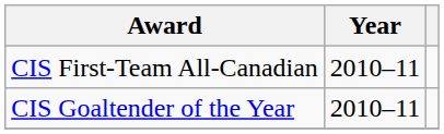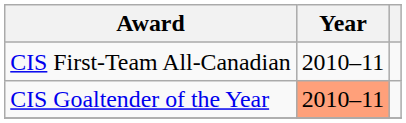 <table class="wikitable">
 <tr>
 <th>Award</th>
 <th>Year</th>
 <th></th>
 </tr>
 <tr>
 <td><a href='#'>CIS</a> First-Team All-Canadian</td>
 <td>2010–11</td>
 <td></td>
 </tr>
 <tr>
 <td><a href='#'>CIS Goaltender of the Year</a></td>
-<td>2010–11</td>
+<td style="background: lightsalmon;">2010–11</td>
 <td></td>
 </tr>
 <tr>
 </tr>
 </table>
